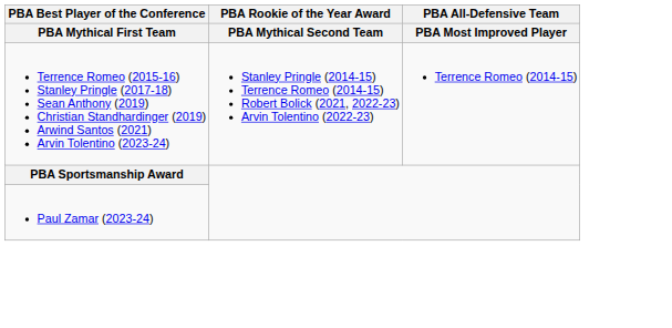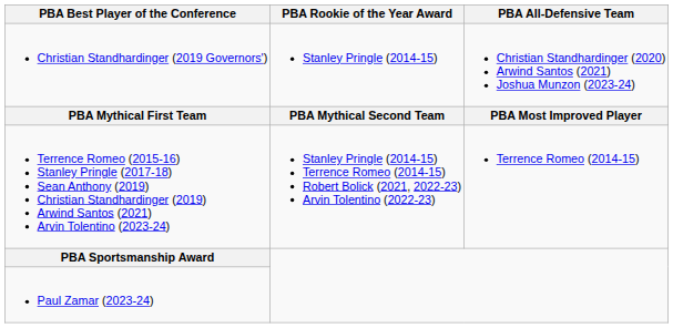 <table class=wikitable>
 <tr>
 <th>PBA Best Player of the Conference</th>
 <th>PBA Rookie of the Year Award</th>
 <th>PBA All-Defensive Team</th>
+</tr>
+<tr>
+<td valign="top"><br><ul><li><a href='#'>Christian Standhardinger</a> (<a href='#'>2019 Governors'</a>)</li></ul></td>
+<td valign="top"><br><ul><li><a href='#'>Stanley Pringle</a> (<a href='#'>2014-15</a>)</li></ul></td>
+<td valign="top"><br><ul><li><a href='#'>Christian Standhardinger</a> (<a href='#'>2020</a>)</li><li><a href='#'>Arwind Santos</a> (<a href='#'>2021</a>)</li><li><a href='#'>Joshua Munzon</a> (<a href='#'>2023-24</a>)</li></ul></td>
 </tr>
 <tr>
 <th>PBA Mythical First Team</th>
 <th>PBA Mythical Second Team</th>
 <th>PBA Most Improved Player</th>
 </tr>
 <tr>
 <td valign="top"><br><ul><li><a href='#'>Terrence Romeo</a> (<a href='#'>2015-16</a>)</li><li><a href='#'>Stanley Pringle</a> (<a href='#'>2017-18</a>)</li><li><a href='#'>Sean Anthony</a> (<a href='#'>2019</a>)</li><li><a href='#'>Christian Standhardinger</a> (<a href='#'>2019</a>)</li><li><a href='#'>Arwind Santos</a> (<a href='#'>2021</a>)</li><li><a href='#'>Arvin Tolentino</a> (<a href='#'>2023-24</a>)</li></ul></td>
 <td valign="top"><br><ul><li><a href='#'>Stanley Pringle</a> (<a href='#'>2014-15</a>)</li><li><a href='#'>Terrence Romeo</a> (<a href='#'>2014-15</a>)</li><li><a href='#'>Robert Bolick</a> (<a href='#'>2021</a>, <a href='#'>2022-23</a>)</li><li><a href='#'>Arvin Tolentino</a> (<a href='#'>2022-23</a>)</li></ul></td>
 <td valign="top"><br><ul><li><a href='#'>Terrence Romeo</a> (<a href='#'>2014-15</a>)</li></ul></td>
 </tr>
 <tr>
 <th>PBA Sportsmanship Award</th>
 </tr>
 <tr>
 <td valign="top"><br><ul><li><a href='#'>Paul Zamar</a> (<a href='#'>2023-24</a>)</li></ul></td>
 </tr>
 </table>
